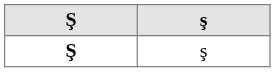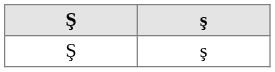 <table border=1 align=left cellpadding=3 cellspacing=0 style="border-collapse:collapse" style="border:1px solid gray; font-size:100%; text-align:left; margin-left:10px;">
 <tr align="center" style="background:#E4E4E4;">
 <th width="100">Ş</th>
 <th width="100">ş</th>
 </tr>
 <tr>
-<td align="center"><strong>&Scedil;</strong></td>
+<td align="center">&Scedil;</td>
 <td align="center">&scedil;</td>
 </tr>
 </table>
